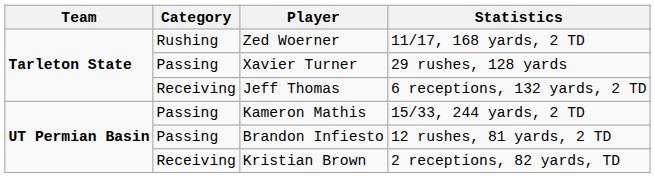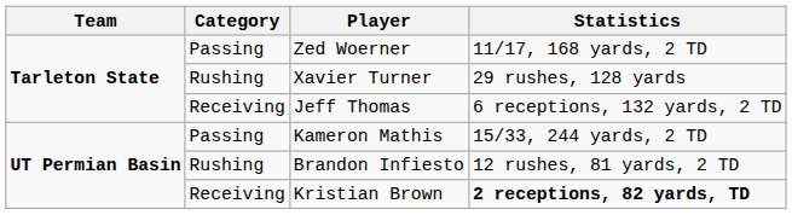 <table class="wikitable" style="float: right;">
 <tr>
 <th>Team</th>
 <th>Category</th>
 <th>Player</th>
 <th>Statistics</th>
 </tr>
 <tr>
 <td rowspan=3><strong>Tarleton State</strong></td>
-<td>Rushing</td>
+<td>Passing</td>
 <td>Zed Woerner</td>
 <td>11/17, 168 yards, 2 TD</td>
 </tr>
 <tr>
-<td>Passing</td>
+<td>Rushing</td>
 <td>Xavier Turner</td>
 <td>29 rushes, 128 yards</td>
 </tr>
 <tr>
 <td>Receiving</td>
 <td>Jeff Thomas</td>
 <td>6 receptions, 132 yards, 2 TD</td>
 </tr>
 <tr>
 <td rowspan=3><strong>UT Permian Basin</strong></td>
 <td>Passing</td>
 <td>Kameron Mathis</td>
 <td>15/33, 244 yards, 2 TD</td>
 </tr>
 <tr>
-<td>Passing</td>
+<td>Rushing</td>
 <td>Brandon Infiesto</td>
 <td>12 rushes, 81 yards, 2 TD</td>
 </tr>
 <tr>
 <td>Receiving</td>
 <td>Kristian Brown</td>
-<td>2 receptions, 82 yards, TD</td>
+<td><strong>2 receptions, 82 yards, TD</strong></td>
 </tr>
 </table>
